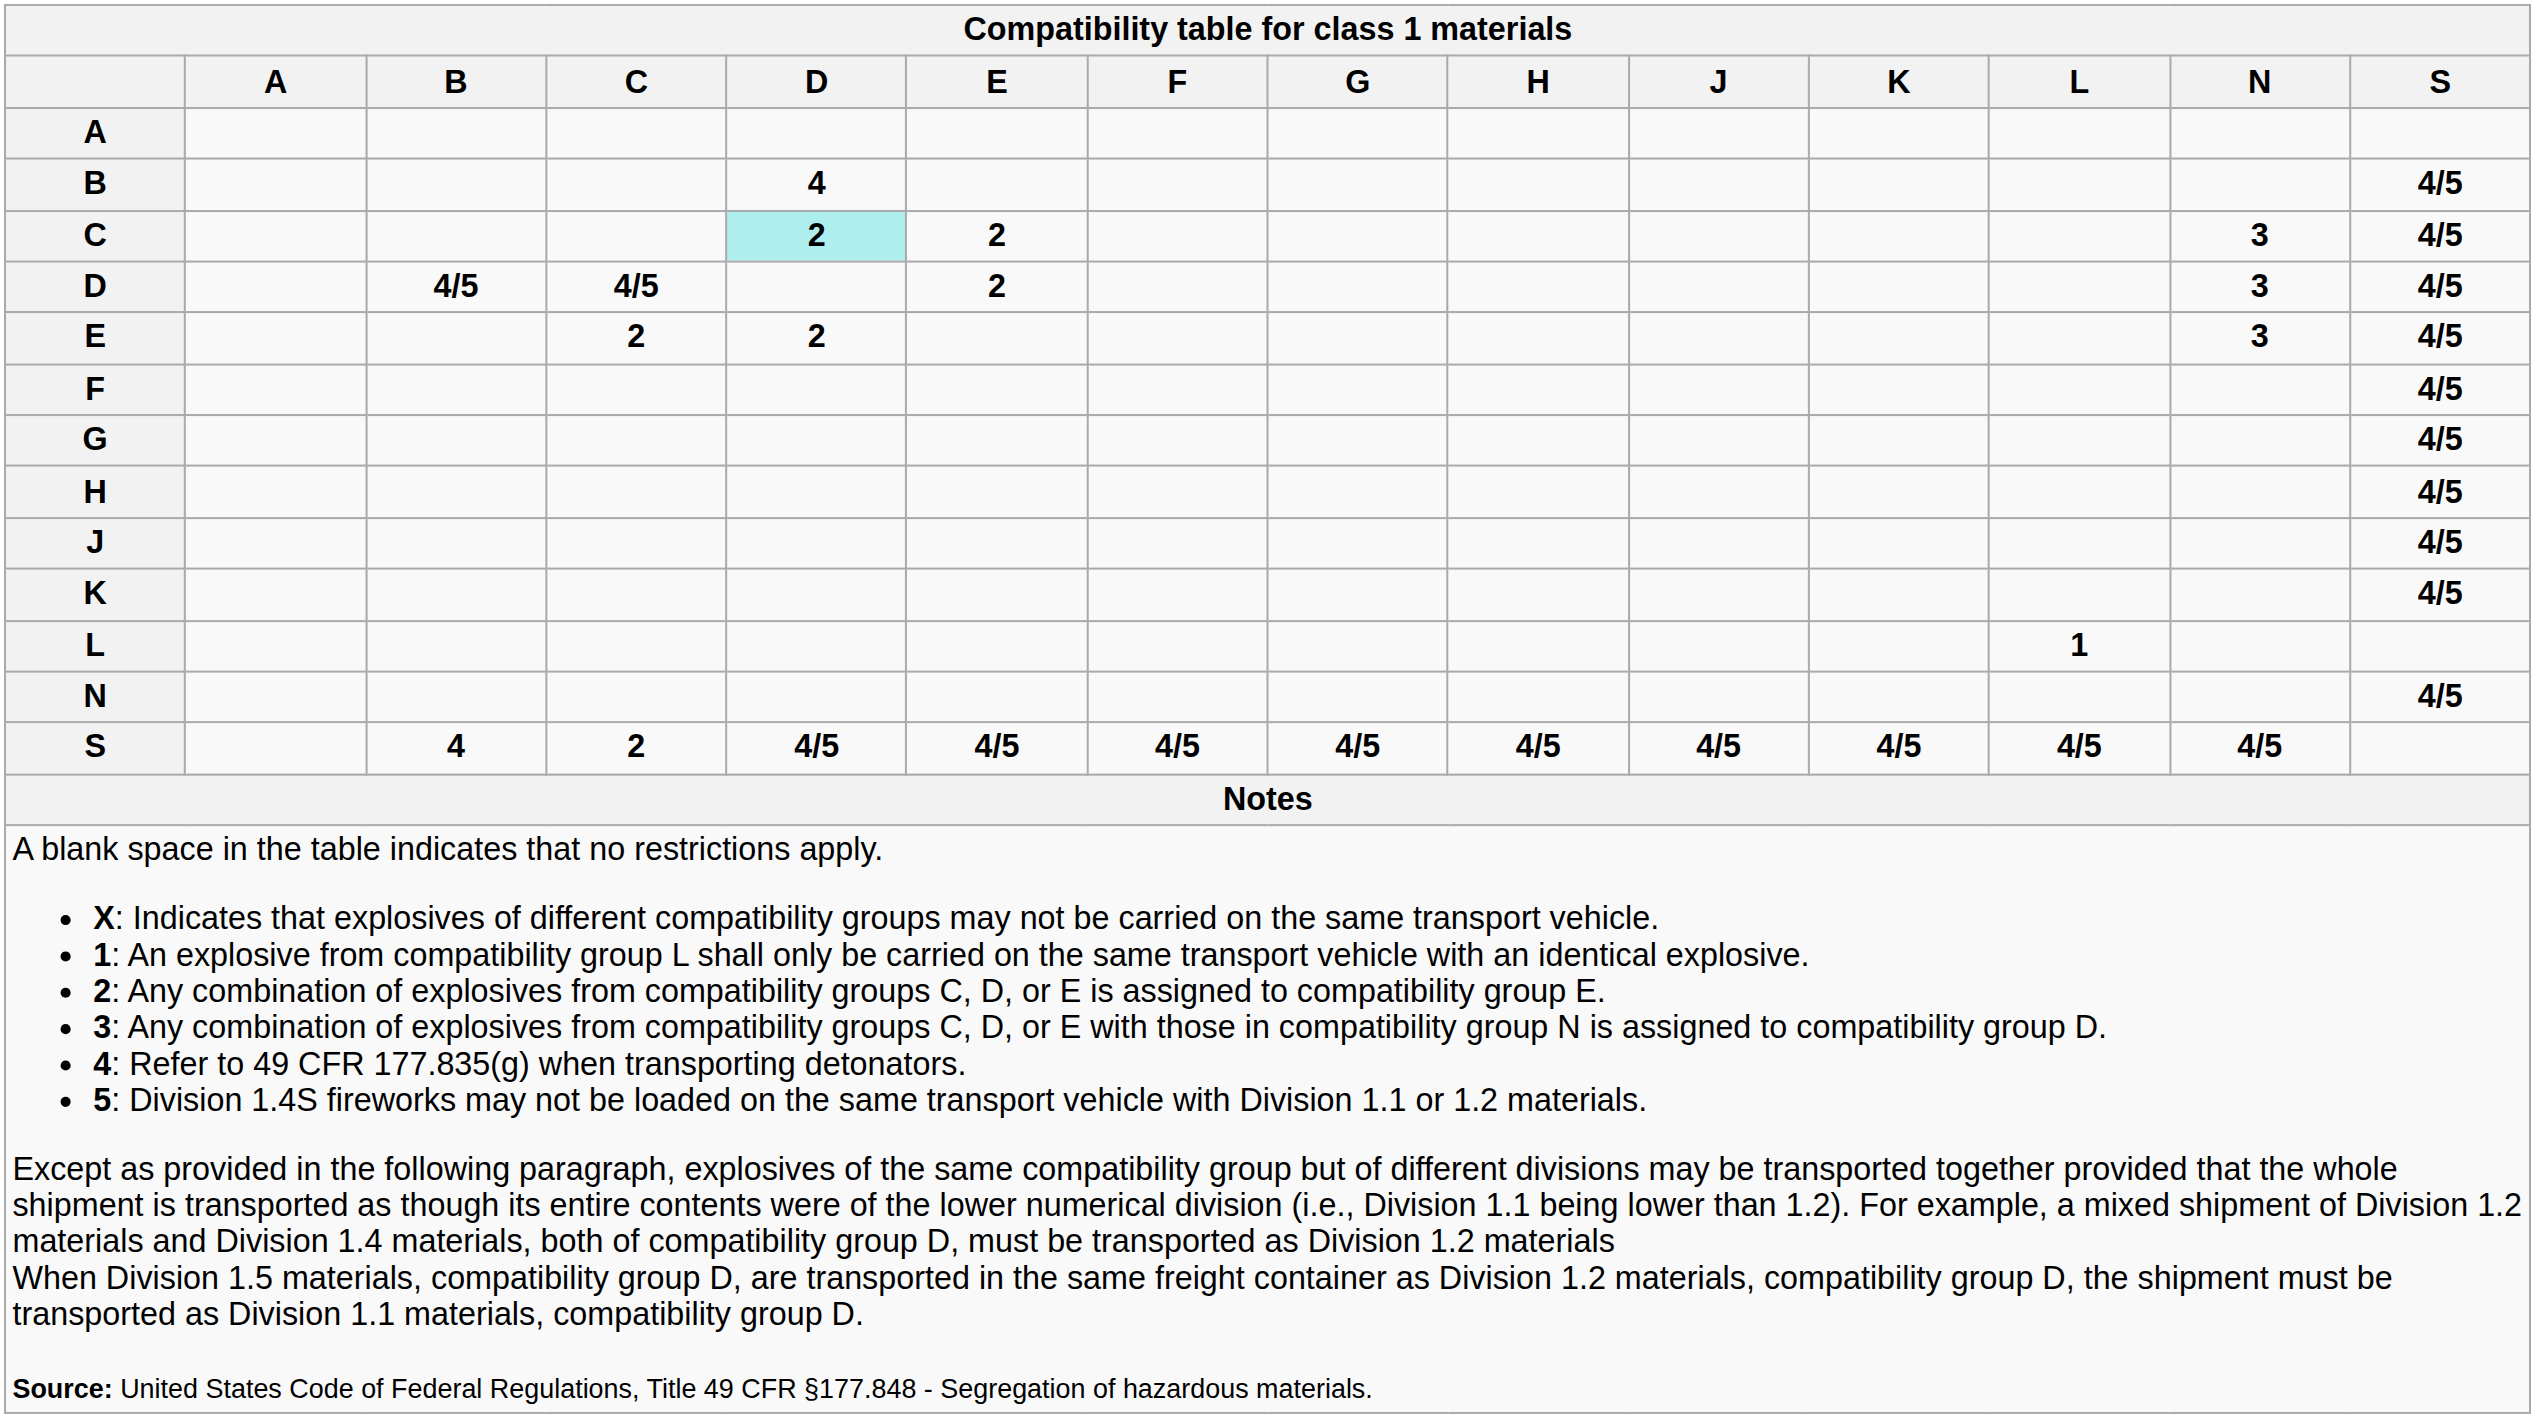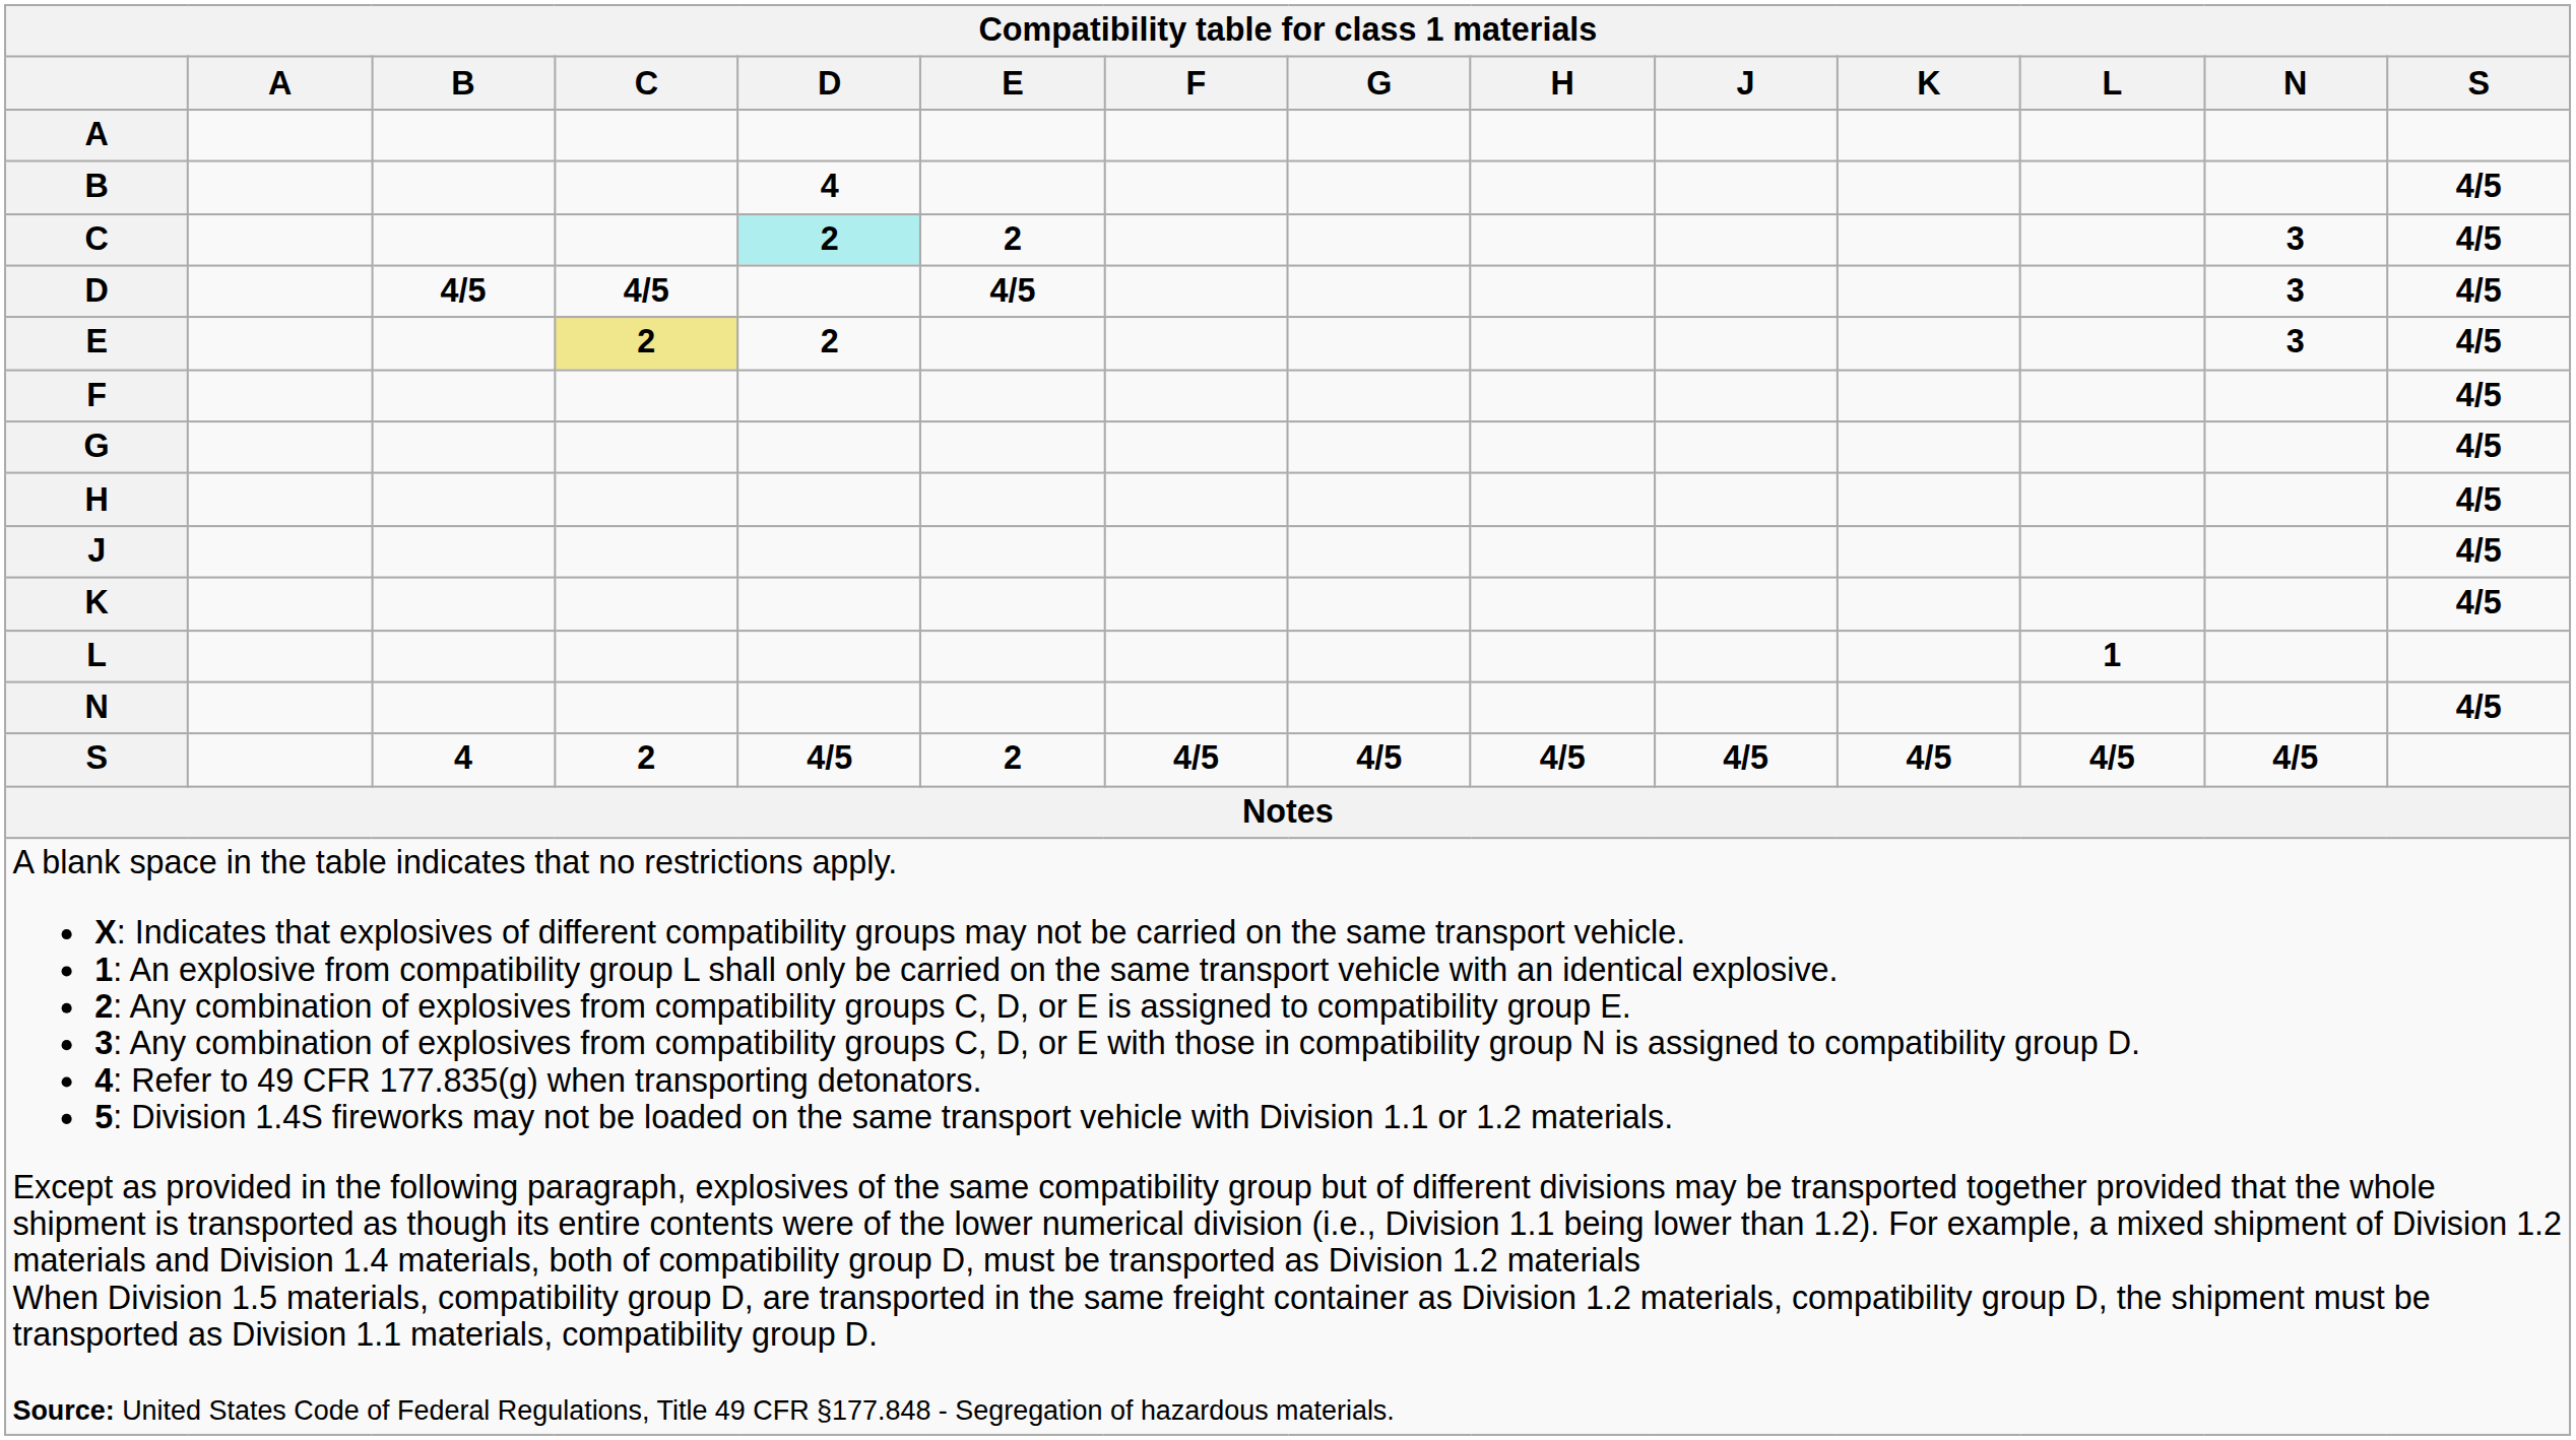 <table class=wikitable width=99% align=center>
 <tr>
 <th colspan=14>Compatibility table for class 1 materials</th>
 </tr>
 <tr>
 <th width=7%> </th>
 <th width=7%>A</th>
 <th width=7%>B</th>
 <th width=7%>C</th>
 <th width=7%>D</th>
 <th width=7%>E</th>
 <th width=7%>F</th>
 <th width=7%>G</th>
 <th width=7%>H</th>
 <th width=7%>J</th>
 <th width=7%>K</th>
 <th width=7%>L</th>
 <th width=7%>N</th>
 <th width=7%>S</th>
 </tr>
 <tr>
 <th>A</th>
 <td align=center> </td>
 <td></td>
 <td></td>
 <td></td>
 <td></td>
 <td></td>
 <td></td>
 <td></td>
 <td></td>
 <td></td>
 <td></td>
 <td></td>
 <td></td>
 </tr>
 <tr>
 <th>B</th>
 <td></td>
 <td align=center> </td>
 <td></td>
 <td align=center><strong>4</strong></td>
 <td></td>
 <td></td>
 <td></td>
 <td></td>
 <td></td>
 <td></td>
 <td></td>
 <td></td>
 <td align=center><strong>4/5</strong></td>
 </tr>
 <tr>
 <th>C</th>
 <td></td>
 <td></td>
 <td align=center> </td>
 <td align=center style="background: paleturquoise;"><strong>2</strong></td>
 <td align=center><strong>2</strong></td>
 <td></td>
 <td></td>
 <td></td>
 <td></td>
 <td></td>
 <td></td>
 <td align=center><strong>3</strong></td>
 <td align=center><strong>4/5</strong></td>
 </tr>
 <tr>
 <th>D</th>
 <td></td>
 <td align=center><strong>4/5</strong></td>
 <td align=center><strong>4/5</strong></td>
 <td align=center> </td>
-<td align=center><strong>2</strong></td>
+<td align=center><strong>4/5</strong></td>
 <td></td>
 <td></td>
 <td></td>
 <td></td>
 <td></td>
 <td></td>
 <td align=center><strong>3</strong></td>
 <td align=center><strong>4/5</strong></td>
 </tr>
 <tr>
 <th>E</th>
 <td></td>
 <td></td>
-<td align=center><strong>2</strong></td>
+<td align=center style="background: khaki;"><strong>2</strong></td>
 <td align=center><strong>2</strong></td>
 <td align=center> </td>
 <td></td>
 <td></td>
 <td></td>
 <td></td>
 <td></td>
 <td></td>
 <td align=center><strong>3</strong></td>
 <td align=center><strong>4/5</strong></td>
 </tr>
 <tr>
 <th>F</th>
 <td></td>
 <td></td>
 <td></td>
 <td></td>
 <td></td>
 <td align=center> </td>
 <td></td>
 <td></td>
 <td></td>
 <td></td>
 <td></td>
 <td></td>
 <td align=center><strong>4/5</strong></td>
 </tr>
 <tr>
 <th>G</th>
 <td></td>
 <td></td>
 <td></td>
 <td></td>
 <td></td>
 <td></td>
 <td align=center> </td>
 <td></td>
 <td></td>
 <td></td>
 <td></td>
 <td></td>
 <td align=center><strong>4/5</strong></td>
 </tr>
 <tr>
 <th>H</th>
 <td></td>
 <td></td>
 <td></td>
 <td></td>
 <td></td>
 <td></td>
 <td></td>
 <td align=center> </td>
 <td></td>
 <td></td>
 <td></td>
 <td></td>
 <td align=center><strong>4/5</strong></td>
 </tr>
 <tr>
 <th>J</th>
 <td></td>
 <td></td>
 <td></td>
 <td></td>
 <td></td>
 <td></td>
 <td></td>
 <td></td>
 <td align=center> </td>
 <td></td>
 <td></td>
 <td></td>
 <td align=center><strong>4/5</strong></td>
 </tr>
 <tr>
 <th>K</th>
 <td></td>
 <td></td>
 <td></td>
 <td></td>
 <td></td>
 <td></td>
 <td></td>
 <td></td>
 <td></td>
 <td align=center> </td>
 <td></td>
 <td></td>
 <td align=center><strong>4/5</strong></td>
 </tr>
 <tr>
 <th>L</th>
 <td></td>
 <td></td>
 <td></td>
 <td></td>
 <td></td>
 <td></td>
 <td></td>
 <td></td>
 <td></td>
 <td></td>
 <td align=center><strong>1</strong></td>
 <td></td>
 <td></td>
 </tr>
 <tr>
 <th>N</th>
 <td></td>
 <td></td>
 <td></td>
 <td></td>
 <td></td>
 <td></td>
 <td></td>
 <td></td>
 <td></td>
 <td></td>
 <td></td>
 <td align=center> </td>
 <td align=center><strong>4/5</strong></td>
 </tr>
 <tr>
 <th>S</th>
 <td></td>
 <td align=center><strong>4</strong></td>
 <td align=center><strong>2</strong></td>
 <td align=center><strong>4/5</strong></td>
-<td align=center><strong>4/5</strong></td>
+<td align=center><strong>2</strong></td>
 <td align=center><strong>4/5</strong></td>
 <td align=center><strong>4/5</strong></td>
 <td align=center><strong>4/5</strong></td>
 <td align=center><strong>4/5</strong></td>
 <td align=center><strong>4/5</strong></td>
 <td align=center><strong>4/5</strong></td>
 <td align=center><strong>4/5</strong></td>
 <td align=center> </td>
 </tr>
 <tr>
 <th colspan=14>Notes</th>
 </tr>
 <tr>
 <td colspan=14>A blank space in the table indicates that no restrictions apply.<br><ul><li><strong>X</strong>: Indicates that explosives of different compatibility groups may not be carried on the same transport vehicle.</li><li><strong>1</strong>: An explosive from compatibility group L shall only be carried on the same transport vehicle with an identical explosive.</li><li><strong>2</strong>: Any combination of explosives from compatibility groups C, D, or E is assigned to compatibility group E.</li><li><strong>3</strong>: Any combination of explosives from compatibility groups C, D, or E with those in compatibility group N is assigned to compatibility group D.</li><li><strong>4</strong>: Refer to 49 CFR 177.835(g) when transporting detonators.</li><li><strong>5</strong>: Division 1.4S fireworks may not be loaded on the same transport vehicle with Division 1.1 or 1.2 materials.</li></ul>Except as provided in the following paragraph, explosives of the same compatibility group but of different divisions may be transported together provided that the whole shipment is transported as though its entire contents were of the lower numerical division (i.e., Division 1.1 being lower than 1.2). For example, a mixed shipment of Division 1.2 materials and Division 1.4 materials, both of compatibility group D, must be transported as Division 1.2 materials<br>When Division 1.5 materials, compatibility group D, are transported in the same freight container as Division 1.2 materials, compatibility group D, the shipment must be transported as Division 1.1 materials, compatibility group D.<br><br><small><strong>Source:</strong> United States Code of Federal Regulations, Title 49 CFR §177.848 - Segregation of hazardous materials. </small></td>
 </tr>
 </table>
